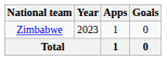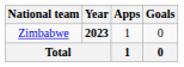 <table class=wikitable style=text-align:center>
 <tr>
 <th>National team</th>
 <th>Year</th>
 <th>Apps</th>
 <th>Goals</th>
 </tr>
 <tr>
 <td rowspan="1"><a href='#'>Zimbabwe</a></td>
-<td>2023</td>
+<td><strong>2023</strong></td>
 <td>1</td>
 <td>0</td>
 </tr>
 <tr>
 <th colspan="2">Total</th>
 <th>1</th>
 <th>0</th>
 </tr>
 </table>
